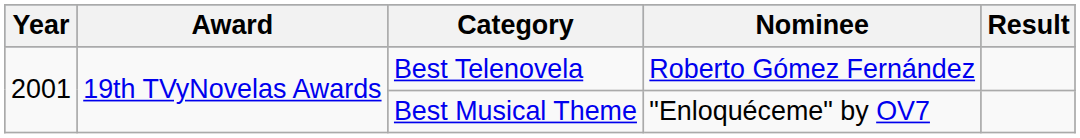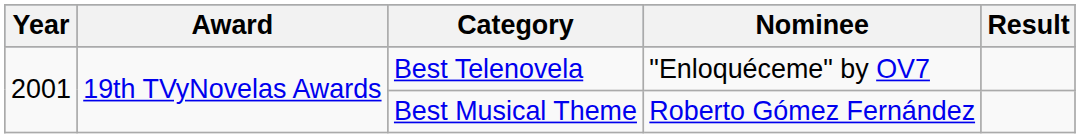 <table class="wikitable">
 <tr style="background:#b0c4de;">
 <th>Year</th>
 <th>Award</th>
 <th>Category</th>
 <th>Nominee</th>
 <th>Result</th>
 </tr>
 <tr>
 <td rowspan=2>2001</td>
 <td rowspan=2><a href='#'>19th TVyNovelas Awards</a></td>
 <td><a href='#'>Best Telenovela</a></td>
-<td><a href='#'>Roberto Gómez Fernández</a></td>
+<td>"Enloquéceme" by <a href='#'>OV7</a></td>
 <td></td>
 </tr>
 <tr>
 <td><a href='#'>Best Musical Theme</a></td>
-<td>"Enloquéceme" by <a href='#'>OV7</a></td>
+<td><a href='#'>Roberto Gómez Fernández</a></td>
 <td></td>
 </tr>
 </table>
